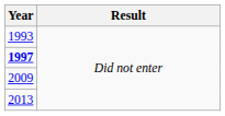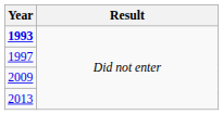 <table class="wikitable" style="text-align: center; font-size:90%">
 <tr>
 <th>Year</th>
 <th style="width:200px">Result</th>
 </tr>
 <tr>
-<td> <a href='#'>1993</a></td>
+<td><strong> <a href='#'>1993</a></strong></td>
 <td rowspan="4"><em>Did not enter</em></td>
 </tr>
 <tr>
-<td><strong> <a href='#'>1997</a></strong></td>
+<td> <a href='#'>1997</a></td>
 </tr>
 <tr>
 <td> <a href='#'>2009</a></td>
 </tr>
 <tr>
 <td> <a href='#'>2013</a></td>
 </tr>
 </table>
